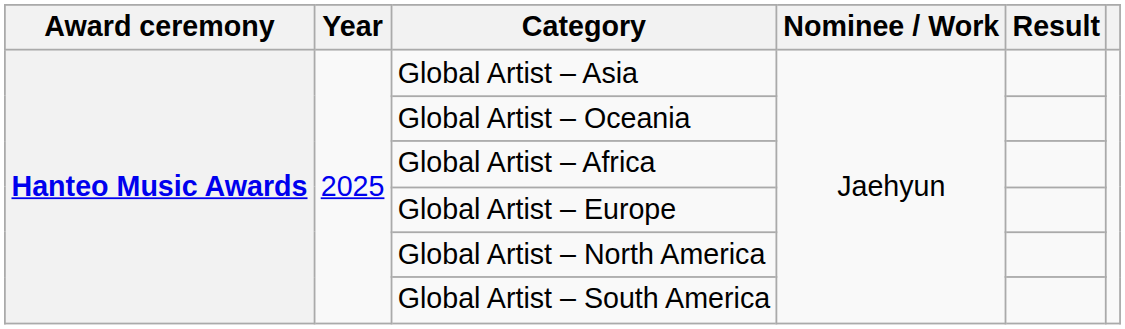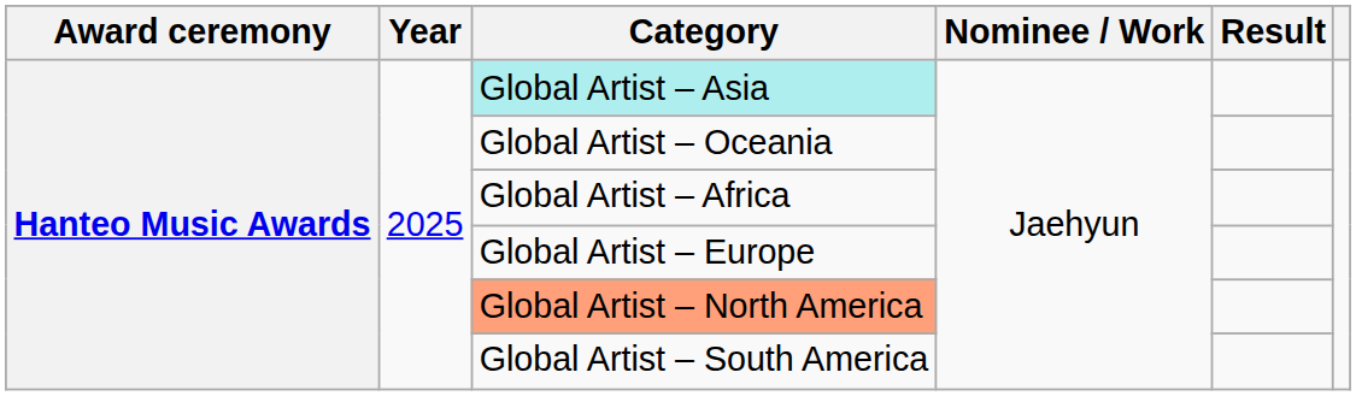 <table class="wikitable plainrowheaders sortable">
 <tr>
 <th scope="col">Award ceremony</th>
 <th scope="col">Year</th>
 <th scope="col">Category</th>
 <th scope="col">Nominee / Work</th>
 <th scope="col">Result</th>
 <th scope="col" class="unsortable"></th>
 </tr>
 <tr>
 <th scope="row" rowspan="6"><a href='#'>Hanteo Music Awards</a></th>
 <td style="text-align:center" rowspan="6"><a href='#'>2025</a></td>
-<td>Global Artist – Asia</td>
+<td style="background: paleturquoise;">Global Artist – Asia</td>
 <td style="text-align:center" rowspan="6">Jaehyun</td>
 <td></td>
 <td rowspan="6" style="text-align:center"></td>
 </tr>
 <tr>
 <td>Global Artist – Oceania</td>
 <td></td>
 </tr>
 <tr>
 <td>Global Artist – Africa</td>
 <td></td>
 </tr>
 <tr>
 <td>Global Artist – Europe</td>
 <td></td>
 </tr>
 <tr>
-<td>Global Artist – North America</td>
+<td style="background: lightsalmon;">Global Artist – North America</td>
 <td></td>
 </tr>
 <tr>
 <td>Global Artist – South America</td>
 <td></td>
 </tr>
 </table>
